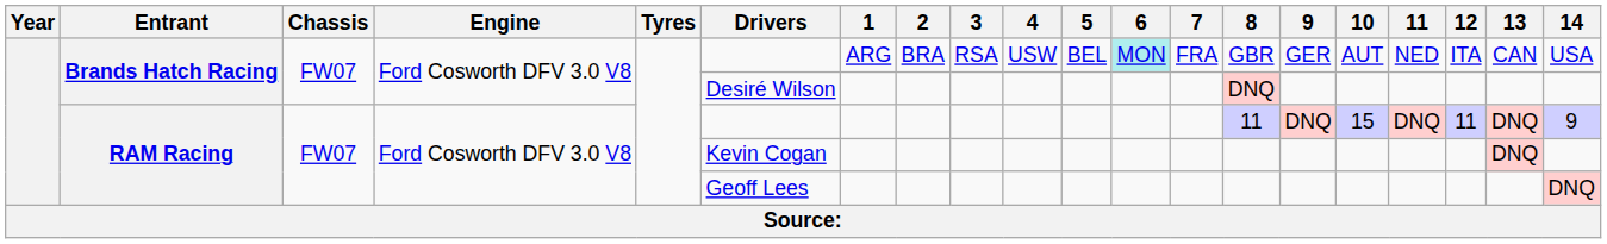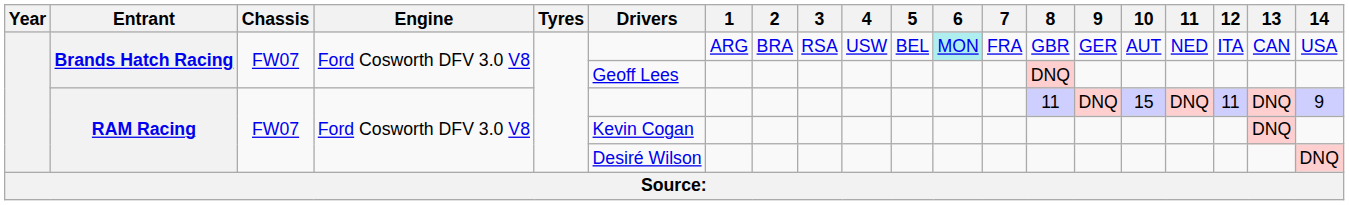 <table class="wikitable" style="text-align:center; font-size:85%">
 <tr>
 <th>Year</th>
 <th>Entrant</th>
 <th>Chassis</th>
 <th>Engine</th>
 <th>Tyres</th>
 <th>Drivers</th>
 <th>1</th>
 <th>2</th>
 <th>3</th>
 <th>4</th>
 <th>5</th>
 <th>6</th>
 <th>7</th>
 <th>8</th>
 <th>9</th>
 <th>10</th>
 <th>11</th>
 <th>12</th>
 <th>13</th>
 <th>14</th>
 </tr>
 <tr>
 <th rowspan="5"></th>
 <th rowspan="2"><a href='#'>Brands Hatch Racing</a></th>
 <td rowspan="2"><a href='#'>FW07</a></td>
 <td rowspan="2"><a href='#'>Ford</a> Cosworth DFV 3.0 <a href='#'>V8</a></td>
 <td rowspan="5"></td>
 <td></td>
 <td><a href='#'>ARG</a></td>
 <td><a href='#'>BRA</a></td>
 <td><a href='#'>RSA</a></td>
 <td><a href='#'>USW</a></td>
 <td><a href='#'>BEL</a></td>
 <td style="background: paleturquoise;"><a href='#'>MON</a></td>
 <td><a href='#'>FRA</a></td>
 <td><a href='#'>GBR</a></td>
 <td><a href='#'>GER</a></td>
 <td><a href='#'>AUT</a></td>
 <td><a href='#'>NED</a></td>
 <td><a href='#'>ITA</a></td>
 <td><a href='#'>CAN</a></td>
 <td><a href='#'>USA</a></td>
 </tr>
 <tr>
-<td align="left"> <a href='#'>Desiré Wilson</a></td>
+<td align="left"> <a href='#'>Geoff Lees</a></td>
 <td></td>
 <td></td>
 <td></td>
 <td></td>
 <td></td>
 <td></td>
 <td></td>
 <td style="background:#FFCFCF;">DNQ</td>
 <td></td>
 <td></td>
 <td></td>
 <td></td>
 <td></td>
 <td></td>
 </tr>
 <tr>
 <th rowspan="3"><a href='#'>RAM Racing</a></th>
 <td rowspan="3"><a href='#'>FW07</a></td>
 <td rowspan="3"><a href='#'>Ford</a> Cosworth DFV 3.0 <a href='#'>V8</a></td>
 <td align="left"></td>
 <td></td>
 <td></td>
 <td></td>
 <td></td>
 <td></td>
 <td></td>
 <td></td>
 <td style="background:#cfcfff;">11</td>
 <td style="background:#FFCFCF;">DNQ</td>
 <td style="background:#cfcfff;">15</td>
 <td style="background:#FFCFCF;">DNQ</td>
 <td style="background:#cfcfff;">11</td>
 <td style="background:#FFCFCF;">DNQ</td>
 <td style="background:#cfcfff;">9</td>
 </tr>
 <tr>
 <td align="left"> <a href='#'>Kevin Cogan</a></td>
 <td></td>
 <td></td>
 <td></td>
 <td></td>
 <td></td>
 <td></td>
 <td></td>
 <td></td>
 <td></td>
 <td></td>
 <td></td>
 <td></td>
 <td style="background:#FFCFCF;">DNQ</td>
 <td></td>
 </tr>
 <tr>
-<td align="left"> <a href='#'>Geoff Lees</a></td>
+<td align="left"> <a href='#'>Desiré Wilson</a></td>
 <td></td>
 <td></td>
 <td></td>
 <td></td>
 <td></td>
 <td></td>
 <td></td>
 <td></td>
 <td></td>
 <td></td>
 <td></td>
 <td></td>
 <td></td>
 <td style="background:#FFCFCF;">DNQ</td>
 </tr>
 <tr>
 <th colspan="20">Source:</th>
 </tr>
 </table>
